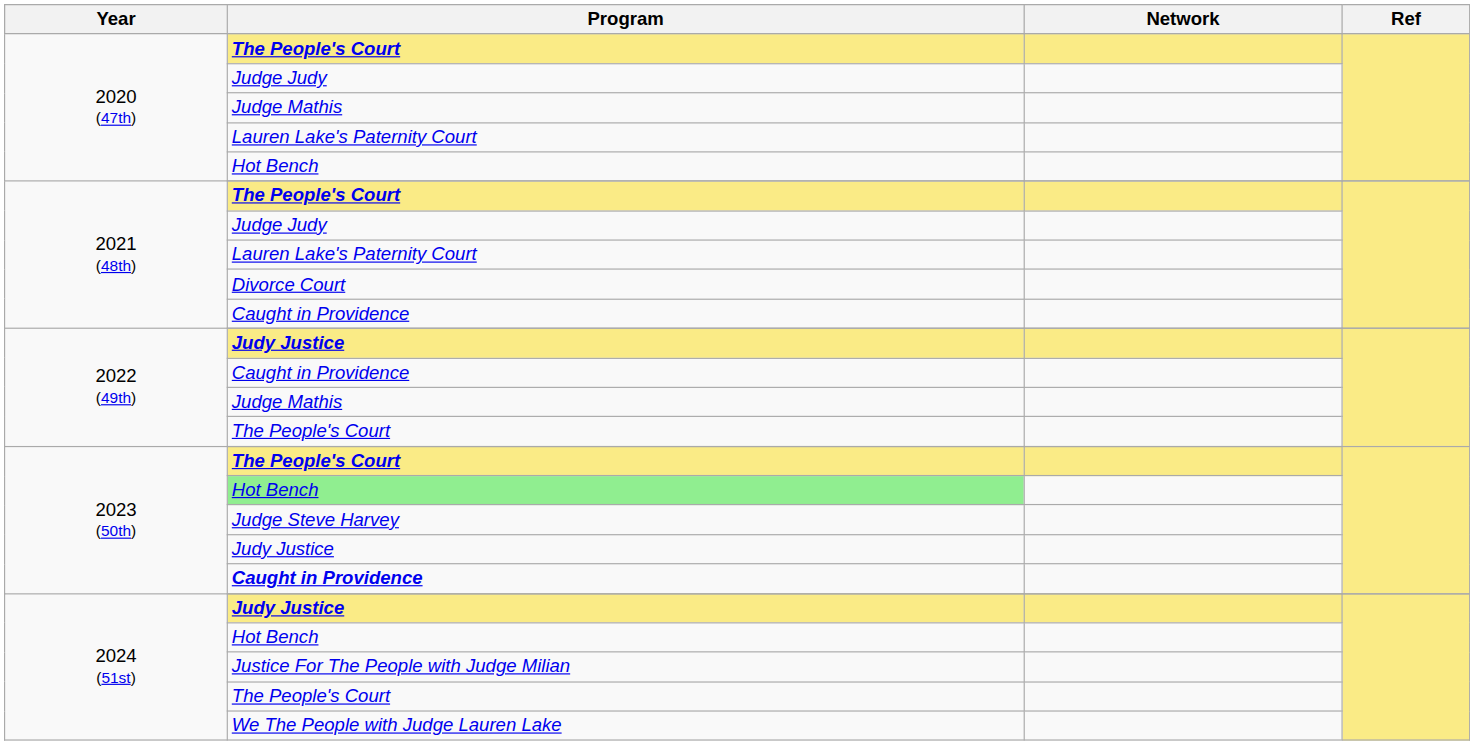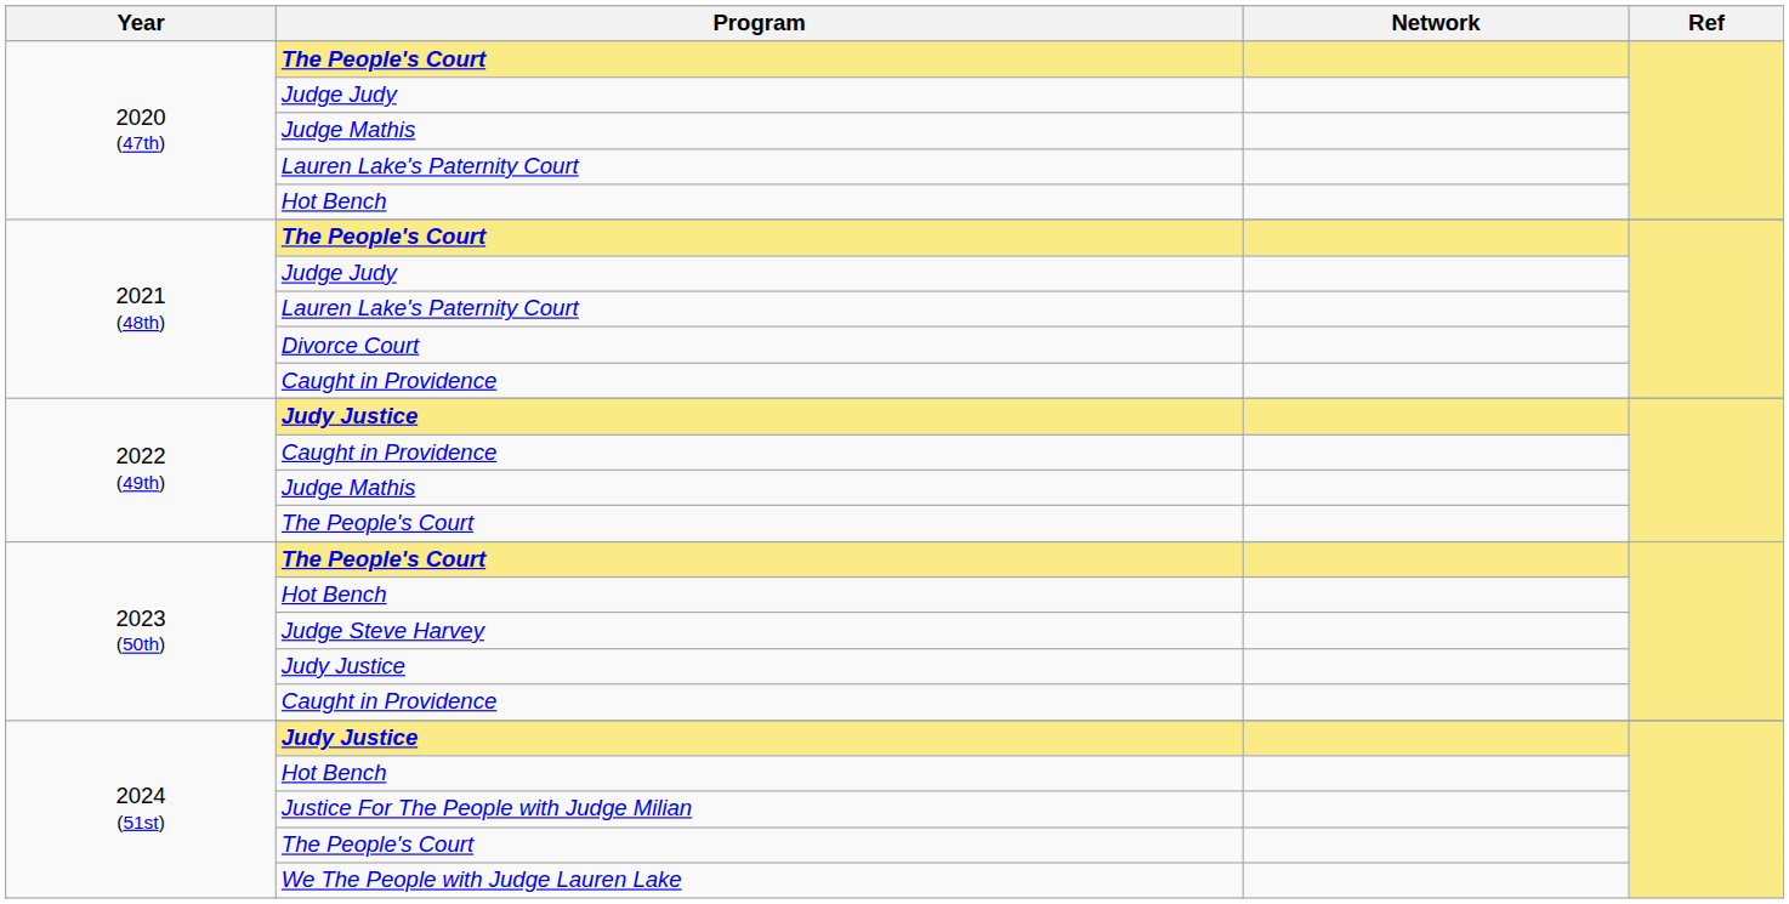 <table class="wikitable" style="width:100%">
 <tr style="background:#bebebe;">
 <th style="width:7%;">Year</th>
 <th style="width:25%;">Program</th>
 <th style="width:10%;">Network</th>
 <th style="width:4%;">Ref</th>
 </tr>
 <tr>
 <td rowspan=6 style="text-align:center">2020 <br><small>(<a href='#'>47th</a>)</small></td>
 </tr>
 <tr - style="background:#FAEB86">
 <td><strong><em><a href='#'>The People's Court</a></em></strong></td>
 <td></td>
 <td rowspan="5"></td>
 </tr>
 <tr>
 <td><em><a href='#'>Judge Judy</a></em></td>
 <td></td>
 </tr>
 <tr>
 <td><em><a href='#'>Judge Mathis</a></em></td>
 <td></td>
 </tr>
 <tr>
 <td><em><a href='#'>Lauren Lake's Paternity Court</a></em></td>
 <td></td>
 </tr>
 <tr>
 <td><em><a href='#'>Hot Bench</a></em></td>
 <td></td>
 </tr>
 <tr>
 <td rowspan=6 style="text-align:center">2021 <br><small>(<a href='#'>48th</a>)</small></td>
 </tr>
 <tr style="background:#FAEB86">
 <td><strong><em><a href='#'>The People's Court</a></em></strong></td>
 <td></td>
 <td rowspan="5"></td>
 </tr>
 <tr>
 <td><em><a href='#'>Judge Judy</a></em></td>
 <td></td>
 </tr>
 <tr>
 <td><em><a href='#'>Lauren Lake's Paternity Court</a></em></td>
 <td></td>
 </tr>
 <tr>
 <td><em><a href='#'>Divorce Court</a></em></td>
 <td></td>
 </tr>
 <tr>
 <td><em><a href='#'>Caught in Providence</a></em></td>
 <td></td>
 </tr>
 <tr>
 <td rowspan=5 style="text-align:center">2022 <br><small>(<a href='#'>49th</a>)</small></td>
 </tr>
 <tr style="background:#FAEB86">
 <td><strong><em><a href='#'>Judy Justice</a></em></strong></td>
 <td></td>
 <td rowspan="5"></td>
 </tr>
 <tr>
 <td><em><a href='#'>Caught in Providence</a></em></td>
 <td></td>
 </tr>
 <tr>
 <td><em><a href='#'>Judge Mathis</a></em></td>
 <td></td>
 </tr>
 <tr>
 <td><em><a href='#'>The People's Court</a></em></td>
 <td></td>
 </tr>
 <tr>
 <td rowspan=6 style="text-align:center">2023 <br><small>(<a href='#'>50th</a>)</small></td>
 </tr>
 <tr style="background:#FAEB86">
 <td><strong><em><a href='#'>The People's Court</a></em></strong></td>
 <td></td>
 <td rowspan="5"></td>
 </tr>
 <tr>
-<td style="background: lightgreen;"><em><a href='#'>Hot Bench</a></em></td>
+<td><em><a href='#'>Hot Bench</a></em></td>
 <td></td>
 </tr>
 <tr>
 <td><em><a href='#'>Judge Steve Harvey</a></em></td>
 <td></td>
 </tr>
 <tr>
 <td><em><a href='#'>Judy Justice</a></em></td>
 <td></td>
 </tr>
 <tr>
-<td><strong><em><a href='#'>Caught in Providence</a></em></strong></td>
+<td><em><a href='#'>Caught in Providence</a></em></td>
 <td></td>
 </tr>
 <tr>
 <td rowspan=6 style="text-align:center">2024 <br><small>(<a href='#'>51st</a>)</small></td>
 </tr>
 <tr style="background:#FAEB86">
 <td><strong><em><a href='#'>Judy Justice</a></em></strong></td>
 <td></td>
 <td rowspan="5"></td>
 </tr>
 <tr>
 <td><em><a href='#'>Hot Bench</a></em></td>
 <td></td>
 </tr>
 <tr>
 <td><em><a href='#'>Justice For The People with Judge Milian</a></em></td>
 <td></td>
 </tr>
 <tr>
 <td><em><a href='#'>The People's Court</a></em></td>
 <td></td>
 </tr>
 <tr>
 <td><em><a href='#'>We The People with Judge Lauren Lake</a></em></td>
 <td></td>
 </tr>
 </table>
